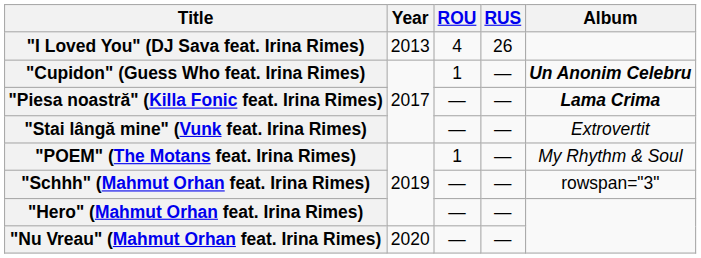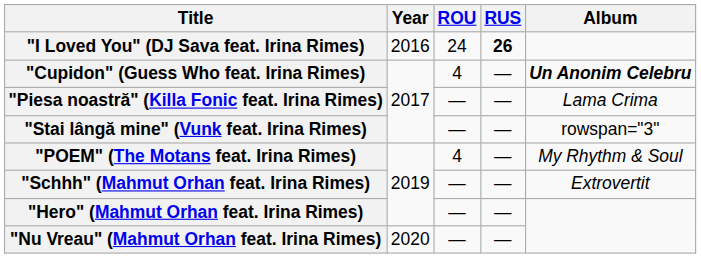 <table class="sortable wikitable plainrowheaders" style="text-align:center;">
 <tr>
 <th>Title</th>
 <th>Year</th>
 <th><a href='#'>ROU</a></th>
 <th><a href='#'>RUS</a></th>
 <th>Album</th>
 </tr>
 <tr>
 <th scope="row">"I Loved You" (DJ Sava feat. Irina Rimes)</th>
-<td>2013</td>
-<td>4</td>
-<td>26</td>
+<td>2016</td>
+<td>24</td>
+<td><strong>26</strong></td>
 <td></td>
 </tr>
 <tr>
 <th scope="row">"Cupidon" (Guess Who feat. Irina Rimes)</th>
 <td rowspan="3">2017</td>
-<td>1</td>
+<td>4</td>
 <td>—</td>
 <td><strong><em>Un Anonim Celebru</em></strong></td>
 </tr>
 <tr>
 <th scope="row">"Piesa noastră" (<a href='#'>Killa Fonic</a> feat. Irina Rimes)</th>
 <td>—</td>
 <td>—</td>
-<td><strong><em>Lama Crima</em></strong></td>
+<td><em>Lama Crima</em></td>
 </tr>
 <tr>
 <th scope="row">"Stai lângă mine" (<a href='#'>Vunk</a> feat. Irina Rimes)</th>
 <td>—</td>
 <td>—</td>
-<td><em>Extrovertit</em></td>
+<td>rowspan="3" </td>
 </tr>
 <tr>
 <th scope="row">"POEM" (<a href='#'>The Motans</a> feat. Irina Rimes)</th>
 <td rowspan="3">2019</td>
-<td>1</td>
+<td>4</td>
 <td>—</td>
 <td><em>My Rhythm & Soul</em></td>
 </tr>
 <tr>
 <th scope="row">"Schhh" (<a href='#'>Mahmut Orhan</a> feat. Irina Rimes)</th>
 <td>—</td>
 <td>—</td>
-<td>rowspan="3" </td>
+<td><em>Extrovertit</em></td>
 </tr>
 <tr>
 <th scope="row">"Hero" (<a href='#'>Mahmut Orhan</a> feat. Irina Rimes)</th>
 <td>—</td>
 <td>—</td>
 </tr>
 <tr>
 <th scope="row">"Nu Vreau" (<a href='#'>Mahmut Orhan</a> feat. Irina Rimes)</th>
 <td rowspan="2">2020</td>
 <td>—</td>
 <td>—</td>
 </tr>
 </table>
